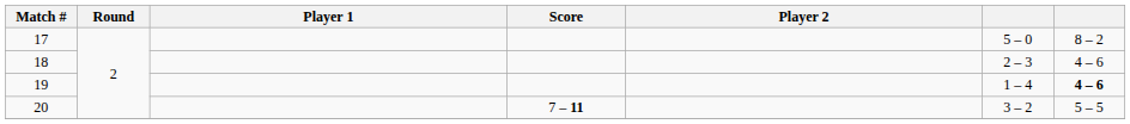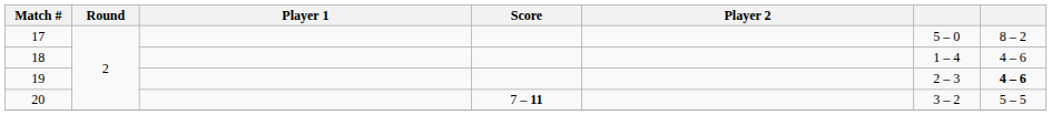 <table class="wikitable">
 <tr>
 <th width="2%">Match #</th>
 <th width="2%">Round</th>
 <th width="15%">Player 1</th>
 <th width="5%">Score</th>
 <th width="15%">Player 2</th>
 <th width="3%"></th>
 <th width="3%"></th>
 </tr>
 <tr style=text-align:center;"background:#;">
 <td>17</td>
 <td rowspan=4>2</td>
 <td><strong></strong></td>
 <td></td>
 <td></td>
 <td>5 – 0</td>
 <td>8 – 2</td>
 </tr>
 <tr style=text-align:center;"background:#;">
 <td>18</td>
 <td></td>
 <td></td>
 <td><strong></strong></td>
-<td>2 – 3</td>
+<td>1 – 4</td>
 <td>4 – 6</td>
 </tr>
 <tr style=text-align:center;"background:#;">
 <td>19</td>
 <td></td>
 <td></td>
 <td><strong></strong></td>
-<td>1 – 4</td>
+<td>2 – 3</td>
 <td><strong>4 – 6</strong></td>
 </tr>
 <tr style=text-align:center;"background:#;">
 <td>20</td>
 <td></td>
 <td>7 – <strong>11</strong></td>
 <td><strong></strong></td>
 <td>3 – 2</td>
 <td>5 – 5</td>
 </tr>
 <tr style=text-align:center;"background:#;">
 </tr>
 </table>
